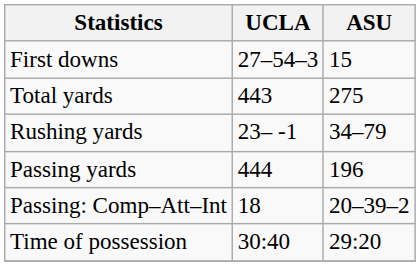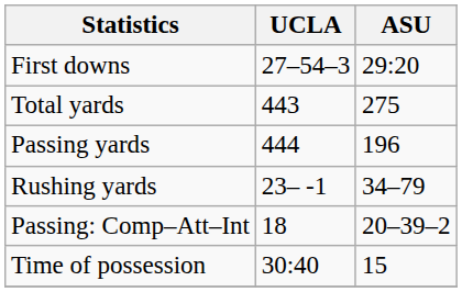 <table class="wikitable" style="float: left;">
 <tr>
 <th>Statistics</th>
 <th>UCLA</th>
 <th>ASU</th>
 </tr>
 <tr>
 <td>First downs</td>
 <td>27–54–3</td>
-<td>15</td>
+<td>29:20</td>
 </tr>
 <tr>
 <td>Total yards</td>
 <td>443</td>
 <td>275</td>
 </tr>
 <tr>
+<td>Passing yards</td>
+<td>444</td>
+<td>196</td>
+</tr>
+<tr>
 <td>Rushing yards</td>
 <td>23– -1</td>
 <td>34–79</td>
-</tr>
-<tr>
-<td>Passing yards</td>
-<td>444</td>
-<td>196</td>
 </tr>
 <tr>
 <td>Passing: Comp–Att–Int</td>
 <td>18</td>
 <td>20–39–2</td>
 </tr>
 <tr>
 <td>Time of possession</td>
 <td>30:40</td>
-<td>29:20</td>
+<td>15</td>
 </tr>
 <tr>
 </tr>
 </table>
